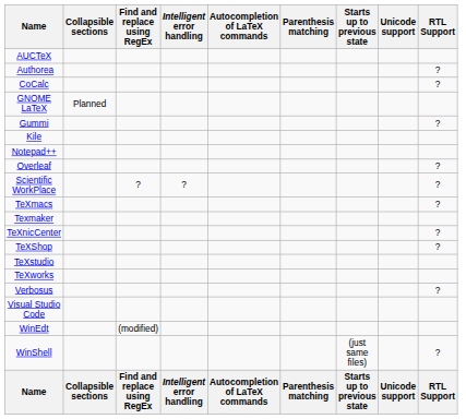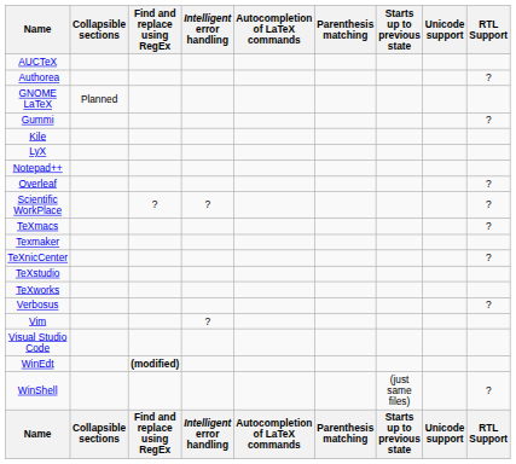 <table class="wikitable sortable" style="text-align: center; font-size: 85%; width: auto; table-layout: fixed;">
 <tr>
 <th style="width: 12em">Name</th>
 <th>Collapsible sections</th>
 <th>Find and replace using RegEx</th>
 <th><em>Intelligent</em> error handling</th>
 <th>Autocompletion of LaTeX commands</th>
 <th>Parenthesis matching</th>
 <th>Starts up to previous state</th>
 <th>Unicode support</th>
 <th>RTL Support<br></th>
 </tr>
 <tr>
 <td><a href='#'>AUCTeX</a></td>
 <td></td>
 <td></td>
 <td></td>
 <td></td>
 <td></td>
 <td></td>
 <td></td>
 <td><br></td>
 </tr>
 <tr>
 <td>  <a href='#'>Authorea</a> </td>
 <td></td>
 <td></td>
 <td></td>
 <td></td>
 <td></td>
 <td></td>
 <td></td>
 <td>?<br></td>
 </tr>
 <tr>
-<td><a href='#'>CoCalc</a></td>
-<td></td>
-<td></td>
-<td></td>
-<td></td>
-<td></td>
-<td></td>
-<td></td>
-<td>?<br></td>
-</tr>
-<tr>
 <td><a href='#'>GNOME LaTeX</a></td>
 <td>Planned</td>
 <td></td>
 <td></td>
 <td></td>
 <td></td>
 <td></td>
 <td></td>
 <td><br></td>
 </tr>
 <tr>
 <td><a href='#'>Gummi</a></td>
 <td></td>
 <td></td>
 <td></td>
 <td></td>
 <td></td>
 <td></td>
 <td></td>
 <td>?<br></td>
 </tr>
 <tr>
 <td><a href='#'>Kile</a></td>
 <td> </td>
+<td></td>
+<td></td>
+<td></td>
+<td></td>
+<td></td>
+<td></td>
+<td><br></td>
+</tr>
+<tr>
+<td><a href='#'>LyX</a></td>
+<td></td>
 <td></td>
 <td></td>
 <td></td>
 <td></td>
 <td></td>
 <td></td>
 <td><br></td>
 </tr>
 <tr>
 <td><a href='#'>Notepad++</a></td>
 <td></td>
 <td></td>
 <td></td>
 <td> </td>
 <td></td>
 <td></td>
 <td></td>
 <td><br></td>
 </tr>
 <tr>
 <td><a href='#'>Overleaf</a></td>
 <td></td>
 <td></td>
 <td></td>
 <td></td>
 <td></td>
 <td></td>
 <td></td>
 <td>?<br></td>
 </tr>
 <tr>
 <td><a href='#'>Scientific WorkPlace</a></td>
 <td></td>
 <td>?</td>
 <td>?</td>
 <td></td>
 <td></td>
 <td></td>
 <td></td>
 <td>?<br> </td>
 </tr>
 <tr>
 <td><a href='#'>TeXmacs</a></td>
 <td></td>
 <td></td>
 <td></td>
 <td></td>
 <td></td>
 <td></td>
 <td></td>
 <td>?</td>
 </tr>
 <tr>
 <td><a href='#'>Texmaker</a></td>
 <td></td>
 <td></td>
 <td></td>
 <td></td>
 <td></td>
 <td></td>
 <td></td>
 <td><br></td>
 </tr>
 <tr>
 <td><a href='#'>TeXnicCenter</a></td>
 <td></td>
 <td></td>
 <td></td>
 <td></td>
 <td></td>
 <td></td>
 <td></td>
 <td>?<br> </td>
 </tr>
 <tr>
-<td><a href='#'>TeXShop</a></td>
-<td></td>
-<td></td>
-<td></td>
-<td></td>
-<td></td>
-<td></td>
-<td></td>
-<td>?<br></td>
-</tr>
-<tr>
 <td><a href='#'>TeXstudio</a></td>
 <td></td>
 <td></td>
 <td></td>
 <td></td>
 <td></td>
 <td></td>
 <td></td>
 <td><br></td>
 </tr>
 <tr>
 <td><a href='#'>TeXworks</a></td>
 <td></td>
 <td></td>
 <td></td>
 <td></td>
 <td></td>
 <td></td>
 <td></td>
 <td><br></td>
 </tr>
 <tr>
 <td><a href='#'>Verbosus</a></td>
 <td></td>
 <td></td>
 <td></td>
 <td></td>
 <td></td>
 <td></td>
 <td></td>
 <td>?<br></td>
 </tr>
 <tr>
+<td><a href='#'>Vim</a></td>
+<td></td>
+<td></td>
+<td>?</td>
+<td></td>
+<td></td>
+<td></td>
+<td></td>
+<td></td>
+</tr>
+<tr>
 <td><a href='#'>Visual Studio Code</a></td>
 <td></td>
 <td></td>
 <td></td>
 <td></td>
 <td></td>
 <td></td>
 <td></td>
 <td><br></td>
 </tr>
 <tr>
 <td><a href='#'>WinEdt</a></td>
 <td></td>
-<td> (modified)</td>
+<td><strong> (modified)</strong></td>
 <td></td>
 <td></td>
 <td></td>
 <td></td>
 <td></td>
 <td><br></td>
 </tr>
 <tr>
 <td><a href='#'>WinShell</a></td>
 <td></td>
 <td></td>
 <td></td>
 <td></td>
 <td></td>
 <td> (just same files)</td>
 <td></td>
 <td>?<br></td>
 </tr>
 <tr class="sortbottom">
 <th>Name</th>
 <th>Collapsible sections</th>
 <th>Find and replace using RegEx</th>
 <th><em>Intelligent</em> error handling</th>
 <th>Autocompletion of LaTeX commands</th>
 <th>Parenthesis matching</th>
 <th>Starts up to previous state</th>
 <th>Unicode support</th>
 <th>RTL Support</th>
 </tr>
 </table>
